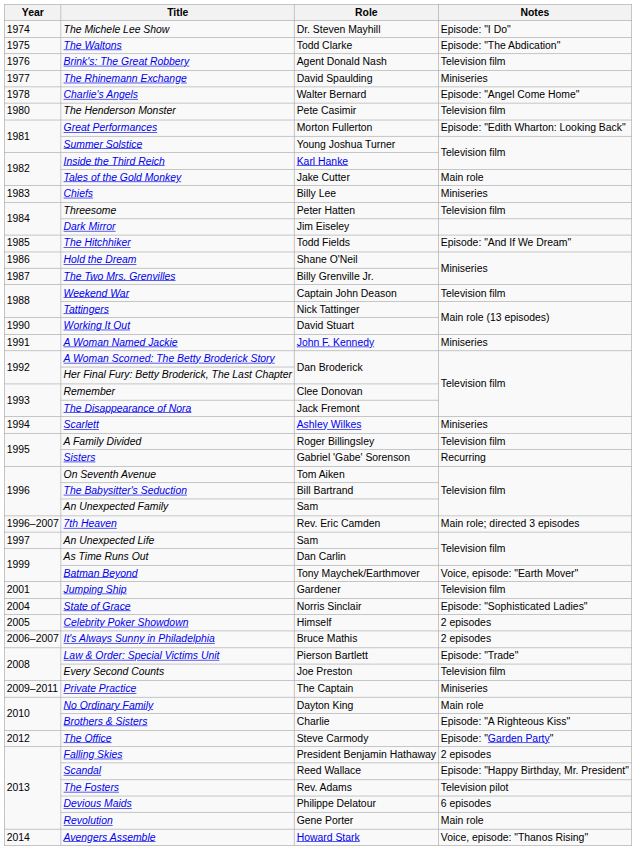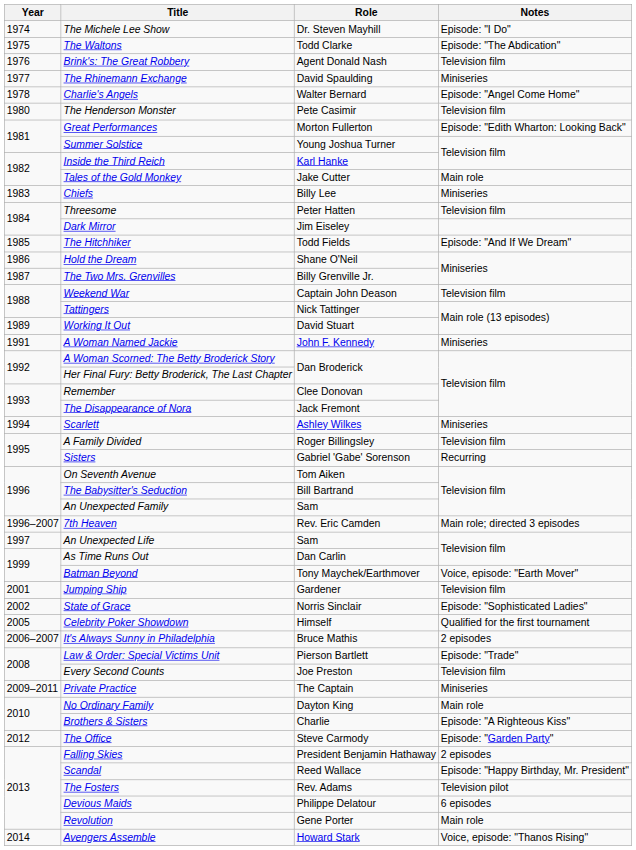 <table class="wikitable sortable">
 <tr>
 <th>Year</th>
 <th>Title</th>
 <th>Role</th>
 <th class="unsortable">Notes</th>
 </tr>
 <tr>
 <td>1974</td>
 <td><em>The Michele Lee Show</em></td>
 <td>Dr. Steven Mayhill</td>
 <td>Episode: "I Do"</td>
 </tr>
 <tr>
 <td>1975</td>
 <td><em><a href='#'>The Waltons</a></em></td>
 <td>Todd Clarke</td>
 <td>Episode: "The Abdication"</td>
 </tr>
 <tr>
 <td>1976</td>
 <td><em><a href='#'>Brink's: The Great Robbery</a></em></td>
 <td>Agent Donald Nash</td>
 <td>Television film</td>
 </tr>
 <tr>
 <td>1977</td>
 <td><em><a href='#'>The Rhinemann Exchange</a></em></td>
 <td>David Spaulding</td>
 <td>Miniseries</td>
 </tr>
 <tr>
 <td>1978</td>
 <td><em><a href='#'>Charlie's Angels</a></em></td>
 <td>Walter Bernard</td>
 <td>Episode: "Angel Come Home"</td>
 </tr>
 <tr>
 <td>1980</td>
 <td><em>The Henderson Monster</em></td>
 <td>Pete Casimir</td>
 <td>Television film</td>
 </tr>
 <tr>
 <td rowspan=2>1981</td>
 <td><em><a href='#'>Great Performances</a></em></td>
 <td>Morton Fullerton</td>
 <td>Episode: "Edith Wharton: Looking Back"</td>
 </tr>
 <tr>
 <td><em><a href='#'>Summer Solstice</a></em></td>
 <td>Young Joshua Turner</td>
 <td rowspan=2>Television film</td>
 </tr>
 <tr>
 <td rowspan=2>1982</td>
 <td><em><a href='#'>Inside the Third Reich</a></em></td>
 <td><a href='#'>Karl Hanke</a></td>
 </tr>
 <tr>
 <td><em><a href='#'>Tales of the Gold Monkey</a></em></td>
 <td>Jake Cutter</td>
 <td>Main role</td>
 </tr>
 <tr>
 <td>1983</td>
 <td><em><a href='#'>Chiefs</a></em></td>
 <td>Billy Lee</td>
 <td>Miniseries</td>
 </tr>
 <tr>
 <td rowspan=2>1984</td>
 <td><em>Threesome</em></td>
 <td>Peter Hatten</td>
 <td>Television film</td>
 </tr>
 <tr>
 <td><em><a href='#'>Dark Mirror</a></em></td>
 <td>Jim Eiseley</td>
 </tr>
 <tr>
 <td>1985</td>
 <td><em><a href='#'>The Hitchhiker</a></em></td>
 <td>Todd Fields</td>
 <td>Episode: "And If We Dream"</td>
 </tr>
 <tr>
 <td>1986</td>
 <td><em><a href='#'>Hold the Dream</a></em></td>
 <td>Shane O'Neil</td>
 <td rowspan=2>Miniseries</td>
 </tr>
 <tr>
 <td>1987</td>
 <td><em><a href='#'>The Two Mrs. Grenvilles</a></em></td>
 <td>Billy Grenville Jr.</td>
 </tr>
 <tr>
 <td rowspan=2>1988</td>
 <td><em><a href='#'>Weekend War</a></em></td>
 <td>Captain John Deason</td>
 <td>Television film</td>
 </tr>
 <tr>
 <td><em><a href='#'>Tattingers</a></em></td>
 <td>Nick Tattinger</td>
 <td rowspan=2>Main role (13 episodes)</td>
 </tr>
 <tr>
-<td>1990</td>
+<td>1989</td>
 <td><em><a href='#'>Working It Out</a></em></td>
 <td>David Stuart</td>
 </tr>
 <tr>
 <td>1991</td>
 <td><em><a href='#'>A Woman Named Jackie</a></em></td>
 <td><a href='#'>John F. Kennedy</a></td>
 <td>Miniseries</td>
 </tr>
 <tr>
 <td rowspan=2>1992</td>
 <td><em><a href='#'>A Woman Scorned: The Betty Broderick Story</a></em></td>
 <td rowspan=2>Dan Broderick</td>
 <td rowspan=4>Television film</td>
 </tr>
 <tr>
 <td><em>Her Final Fury: Betty Broderick, The Last Chapter</em></td>
 </tr>
 <tr>
 <td rowspan=2>1993</td>
 <td><em>Remember</em></td>
 <td>Clee Donovan</td>
 </tr>
 <tr>
 <td><em><a href='#'>The Disappearance of Nora</a></em></td>
 <td>Jack Fremont</td>
 </tr>
 <tr>
 <td>1994</td>
 <td><em><a href='#'>Scarlett</a></em></td>
 <td><a href='#'>Ashley Wilkes</a></td>
 <td>Miniseries</td>
 </tr>
 <tr>
 <td rowspan=2>1995</td>
 <td><em>A Family Divided</em></td>
 <td>Roger Billingsley</td>
 <td>Television film</td>
 </tr>
 <tr>
 <td><em><a href='#'>Sisters</a></em></td>
 <td>Gabriel 'Gabe' Sorenson</td>
 <td>Recurring</td>
 </tr>
 <tr>
 <td rowspan=3>1996</td>
 <td><em>On Seventh Avenue</em></td>
 <td>Tom Aiken</td>
 <td rowspan=3>Television film</td>
 </tr>
 <tr>
 <td><em><a href='#'>The Babysitter's Seduction</a></em></td>
 <td>Bill Bartrand</td>
 </tr>
 <tr>
 <td><em>An Unexpected Family</em></td>
 <td>Sam</td>
 </tr>
 <tr>
 <td>1996–2007</td>
 <td><em><a href='#'>7th Heaven</a></em></td>
 <td>Rev. Eric Camden</td>
 <td>Main role; directed 3 episodes</td>
 </tr>
 <tr>
 <td>1997</td>
 <td><em>An Unexpected Life</em></td>
 <td>Sam</td>
 <td rowspan=2>Television film</td>
 </tr>
 <tr>
 <td rowspan=2>1999</td>
 <td><em>As Time Runs Out</em></td>
 <td>Dan Carlin</td>
 </tr>
 <tr>
 <td><em><a href='#'>Batman Beyond</a></em></td>
 <td>Tony Maychek/Earthmover</td>
 <td>Voice, episode: "Earth Mover"</td>
 </tr>
 <tr>
 <td>2001</td>
 <td><em><a href='#'>Jumping Ship</a></em></td>
 <td>Gardener</td>
 <td>Television film</td>
 </tr>
 <tr>
-<td>2004</td>
+<td>2002</td>
 <td><em><a href='#'>State of Grace</a></em></td>
 <td>Norris Sinclair</td>
 <td>Episode: "Sophisticated Ladies"</td>
 </tr>
 <tr>
 <td>2005</td>
 <td><em><a href='#'>Celebrity Poker Showdown</a></em></td>
 <td>Himself</td>
-<td>2 episodes</td>
+<td>Qualified for the first tournament</td>
 </tr>
 <tr>
 <td>2006–2007</td>
 <td><em><a href='#'>It's Always Sunny in Philadelphia</a></em></td>
 <td>Bruce Mathis</td>
 <td>2 episodes</td>
 </tr>
 <tr>
 <td rowspan=2>2008</td>
 <td><em><a href='#'>Law & Order: Special Victims Unit</a></em></td>
 <td>Pierson Bartlett</td>
 <td>Episode: "Trade"</td>
 </tr>
 <tr>
 <td><em>Every Second Counts</em></td>
 <td>Joe Preston</td>
 <td>Television film</td>
 </tr>
 <tr>
 <td>2009–2011</td>
 <td><em><a href='#'>Private Practice</a></em></td>
 <td>The Captain</td>
 <td>Miniseries</td>
 </tr>
 <tr>
 <td rowspan=2>2010</td>
 <td><em><a href='#'>No Ordinary Family</a></em></td>
 <td>Dayton King</td>
 <td>Main role</td>
 </tr>
 <tr>
 <td><em><a href='#'>Brothers & Sisters</a></em></td>
 <td>Charlie</td>
 <td>Episode: "A Righteous Kiss"</td>
 </tr>
 <tr>
 <td>2012</td>
 <td><em><a href='#'>The Office</a></em></td>
 <td>Steve Carmody</td>
 <td>Episode: "<a href='#'>Garden Party</a>"</td>
 </tr>
 <tr>
 <td rowspan=5>2013</td>
 <td><em><a href='#'>Falling Skies</a></em></td>
 <td>President Benjamin Hathaway</td>
 <td>2 episodes</td>
 </tr>
 <tr>
 <td><em><a href='#'>Scandal</a></em></td>
 <td>Reed Wallace</td>
 <td>Episode: "Happy Birthday, Mr. President"</td>
 </tr>
 <tr>
 <td><em><a href='#'>The Fosters</a></em></td>
 <td>Rev. Adams</td>
 <td>Television pilot</td>
 </tr>
 <tr>
 <td><em><a href='#'>Devious Maids</a></em></td>
 <td>Philippe Delatour</td>
 <td>6 episodes</td>
 </tr>
 <tr>
 <td><em><a href='#'>Revolution</a></em></td>
 <td>Gene Porter</td>
 <td>Main role</td>
 </tr>
 <tr>
 <td>2014</td>
 <td><em><a href='#'>Avengers Assemble</a></em></td>
 <td><a href='#'>Howard Stark</a></td>
 <td>Voice, episode: "Thanos Rising"</td>
 </tr>
 </table>
